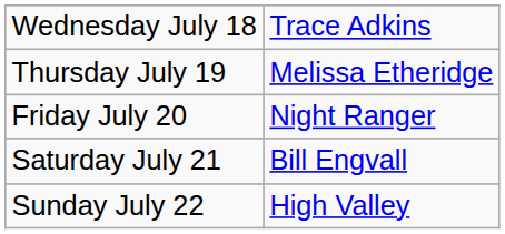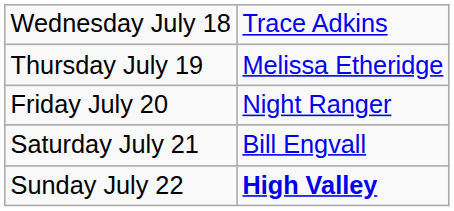 <table class="wikitable">
 <tr>
 <td>Wednesday July 18</td>
 <td><a href='#'>Trace Adkins</a></td>
 </tr>
 <tr>
 <td>Thursday July 19</td>
 <td><a href='#'>Melissa Etheridge</a></td>
 </tr>
 <tr>
 <td>Friday July 20</td>
 <td><a href='#'>Night Ranger</a></td>
 </tr>
 <tr>
 <td>Saturday July 21</td>
 <td><a href='#'>Bill Engvall</a></td>
 </tr>
 <tr>
 <td>Sunday July 22</td>
-<td><a href='#'>High Valley</a></td>
+<td><strong><a href='#'>High Valley</a></strong></td>
 </tr>
 </table>
